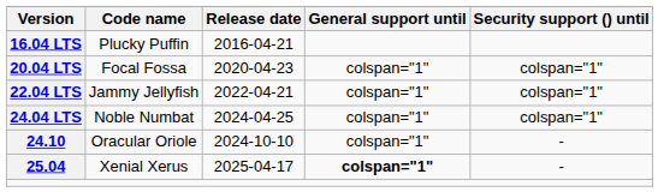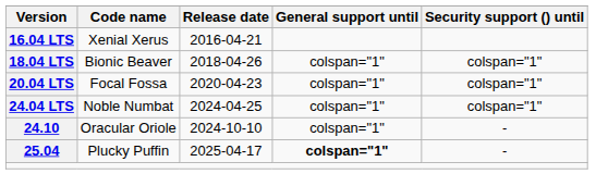 <table class="wikitable sortable plainrowheaders" style="float:left; text-align:center; margin-left:1em; margin-right:0">
 <tr>
 </tr>
 <tr>
 <th scope="col">Version</th>
 <th scope="col">Code name</th>
 <th scope="col">Release date</th>
 <th scope="col">General support until</th>
 <th scope="col">Security support () until</th>
 </tr>
 <tr>
 <th scope="row"><a href='#'>16.04 LTS</a></th>
-<td>Plucky Puffin</td>
+<td>Xenial Xerus</td>
 <td>2016-04-21</td>
 <td></td>
 <td></td>
 </tr>
 <tr>
-<th scope="row"><a href='#'>20.04 LTS</a></th>
-<td>Focal Fossa</td>
-<td>2020-04-23</td>
+<th scope="row"><a href='#'>18.04 LTS</a></th>
+<td>Bionic Beaver</td>
+<td>2018-04-26</td>
 <td>colspan="1" </td>
 <td>colspan="1" </td>
 </tr>
 <tr>
-<th scope="row"><a href='#'>22.04 LTS</a></th>
-<td>Jammy Jellyfish</td>
-<td>2022-04-21</td>
+<th scope="row"><a href='#'>20.04 LTS</a></th>
+<td>Focal Fossa</td>
+<td>2020-04-23</td>
 <td>colspan="1" </td>
 <td>colspan="1" </td>
 </tr>
 <tr>
 <th scope="row"><a href='#'>24.04 LTS</a></th>
 <td>Noble Numbat</td>
 <td>2024-04-25</td>
 <td>colspan="1" </td>
 <td>colspan="1"  </td>
 </tr>
 <tr>
 <th scope="row"><a href='#'>24.10</a></th>
 <td>Oracular Oriole</td>
 <td>2024-10-10</td>
 <td>colspan="1" </td>
 <td>-</td>
 </tr>
 <tr>
 <th scope="row"><a href='#'>25.04</a></th>
-<td>Xenial Xerus</td>
+<td>Plucky Puffin</td>
 <td>2025-04-17</td>
 <td><strong>colspan="1" </strong></td>
 <td>-</td>
 </tr>
 <tr>
 <td colspan="5"><small></small></td>
 </tr>
 </table>
